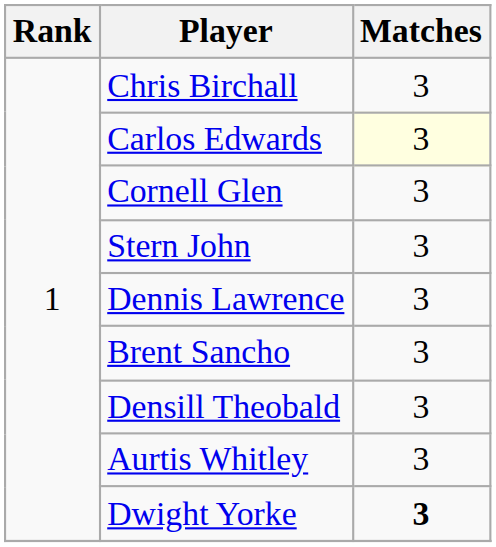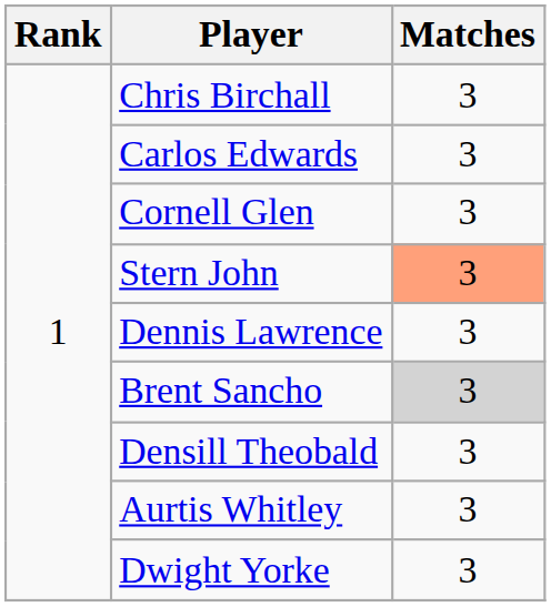 <table class="wikitable" style="text-align: left;">
 <tr>
 <th>Rank</th>
 <th>Player</th>
 <th>Matches</th>
 </tr>
 <tr>
 <td rowspan=9 align=center>1</td>
 <td><a href='#'>Chris Birchall</a></td>
 <td align=center>3</td>
 </tr>
 <tr>
 <td><a href='#'>Carlos Edwards</a></td>
-<td align=center style="background: lightyellow;">3</td>
+<td align=center>3</td>
 </tr>
 <tr>
 <td><a href='#'>Cornell Glen</a></td>
 <td align=center>3</td>
 </tr>
 <tr>
 <td><a href='#'>Stern John</a></td>
-<td align=center>3</td>
+<td align=center style="background: lightsalmon;">3</td>
 </tr>
 <tr>
 <td><a href='#'>Dennis Lawrence</a></td>
 <td align=center>3</td>
 </tr>
 <tr>
 <td><a href='#'>Brent Sancho</a></td>
-<td align=center>3</td>
+<td align=center style="background: lightgrey;">3</td>
 </tr>
 <tr>
 <td><a href='#'>Densill Theobald</a></td>
 <td align=center>3</td>
 </tr>
 <tr>
 <td><a href='#'>Aurtis Whitley</a></td>
 <td align=center>3</td>
 </tr>
 <tr>
 <td><a href='#'>Dwight Yorke</a></td>
-<td align=center><strong>3</strong></td>
+<td align=center>3</td>
 </tr>
 <tr>
 </tr>
 </table>
